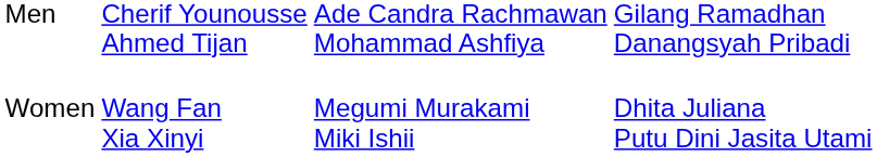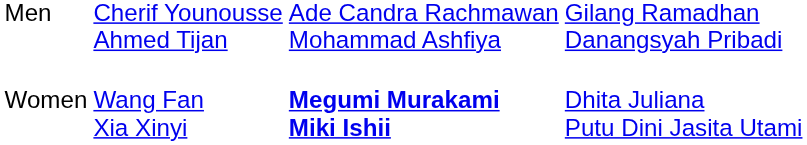 <table>
 <tr>
 <td>Men<br></td>
 <td><br><a href='#'>Cherif Younousse</a><br><a href='#'>Ahmed Tijan</a></td>
 <td><br><a href='#'>Ade Candra Rachmawan</a><br><a href='#'>Mohammad Ashfiya</a></td>
 <td><br><a href='#'>Gilang Ramadhan</a><br><a href='#'>Danangsyah Pribadi</a></td>
 </tr>
 <tr>
 <td>Women<br></td>
 <td><br><a href='#'>Wang Fan</a><br><a href='#'>Xia Xinyi</a></td>
-<td><br><a href='#'>Megumi Murakami</a><br><a href='#'>Miki Ishii</a></td>
+<td><strong><br><a href='#'>Megumi Murakami</a><br><a href='#'>Miki Ishii</a></strong></td>
 <td><br><a href='#'>Dhita Juliana</a><br><a href='#'>Putu Dini Jasita Utami</a></td>
 </tr>
 </table>
